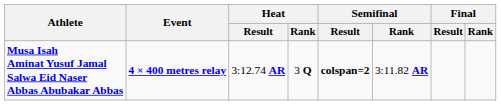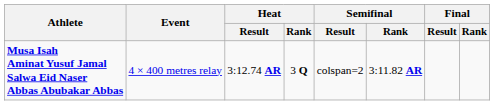 <table class=wikitable style=font-size:90%>
 <tr>
 <th rowspan=2>Athlete</th>
 <th rowspan=2>Event</th>
 <th colspan=2>Heat</th>
 <th colspan=2>Semifinal</th>
 <th colspan=2>Final</th>
 </tr>
 <tr style=font-size:95%>
 <th>Result</th>
 <th>Rank</th>
 <th>Result</th>
 <th>Rank</th>
 <th>Result</th>
 <th>Rank</th>
 </tr>
 <tr align=center>
 <td align=left><strong><a href='#'>Musa Isah</a><br><a href='#'>Aminat Yusuf Jamal</a> <br> <a href='#'>Salwa Eid Naser</a> <br> <a href='#'>Abbas Abubakar Abbas</a></strong></td>
-<td align=left><strong><a href='#'>4 × 400 metres relay</a></strong></td>
+<td align=left><a href='#'>4 × 400 metres relay</a></td>
 <td>3:12.74 <strong><a href='#'>AR</a></strong></td>
 <td>3 <strong>Q</strong></td>
-<td><strong>colspan=2</strong></td>
+<td>colspan=2</td>
 <td>3:11.82 <strong><a href='#'>AR</a></strong></td>
 <td></td>
 </tr>
 </table>
